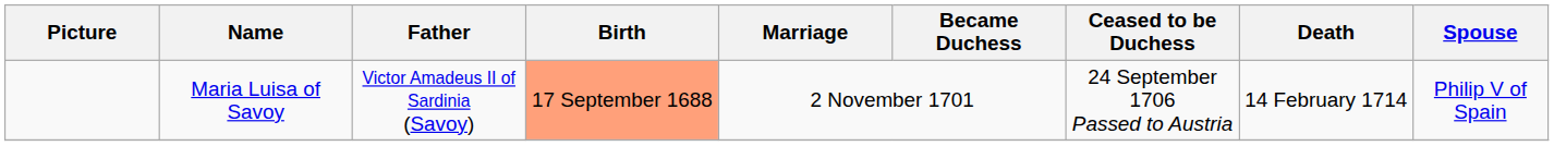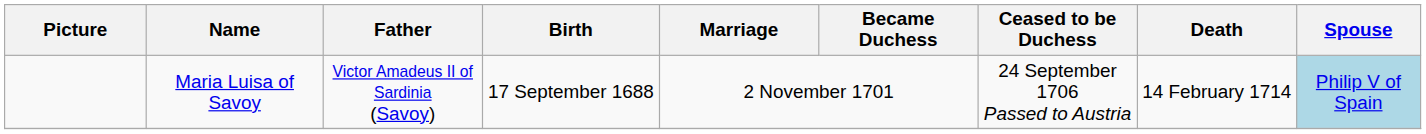 <table width=95% class="wikitable">
 <tr>
 <th width = "8%">Picture</th>
 <th width = "10%">Name</th>
 <th width = "9%">Father</th>
 <th width = "10%">Birth</th>
 <th width = "9%">Marriage</th>
 <th width = "9%">Became Duchess</th>
 <th width = "9%">Ceased to be Duchess</th>
 <th width = "9%">Death</th>
 <th width = "7%"><a href='#'>Spouse</a></th>
 </tr>
 <tr>
 <td align="center"></td>
 <td align="center"><a href='#'>Maria Luisa of Savoy</a></td>
 <td align="center"><small><a href='#'>Victor Amadeus II of Sardinia</a></small><br> (<a href='#'>Savoy</a>)</td>
-<td align="center" style="background: lightsalmon;">17 September 1688</td>
+<td align="center">17 September 1688</td>
 <td align="center" colspan="2">2 November 1701</td>
 <td align="center">24 September 1706<br><em>Passed to Austria</em></td>
 <td align="center">14 February 1714</td>
-<td align="center"><a href='#'>Philip V of Spain</a></td>
+<td align="center" style="background: lightblue;"><a href='#'>Philip V of Spain</a></td>
 </tr>
 <tr>
 </tr>
 </table>
